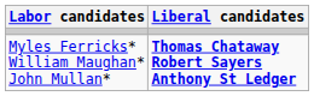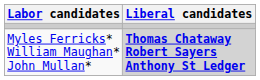 <table class="wikitable">
 <tr>
 <th><a href='#'>Labor</a> candidates</th>
 <th><a href='#'>Liberal</a> candidates</th>
 </tr>
 <tr bgcolor="#cccccc">
 <td></td>
 <td></td>
 </tr>
 <tr>
 <td><a href='#'>Myles Ferricks</a>*<br><a href='#'>William Maughan</a>*<br><a href='#'>John Mullan</a>*</td>
-<td><strong><a href='#'>Thomas Chataway</a></strong><br><strong><a href='#'>Robert Sayers</a></strong><br><strong><a href='#'>Anthony St Ledger</a></strong></td>
+<td style="background: lightgrey;"><strong><a href='#'>Thomas Chataway</a></strong><br><strong><a href='#'>Robert Sayers</a></strong><br><strong><a href='#'>Anthony St Ledger</a></strong></td>
 </tr>
 </table>
